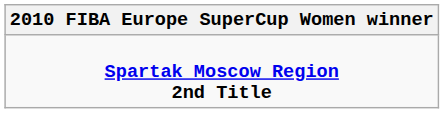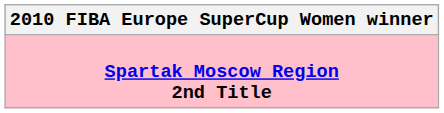 <table class=wikitable style="text-align:center; margin:auto">
 <tr>
 <th>2010 FIBA Europe SuperCup Women winner</th>
 </tr>
 <tr>
-<td><br> <strong><a href='#'>Spartak Moscow Region</a></strong> <br> <strong>2nd Title</strong></td>
+<td style="background: pink;"><br> <strong><a href='#'>Spartak Moscow Region</a></strong> <br> <strong>2nd Title</strong></td>
 </tr>
 </table>
